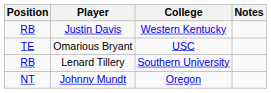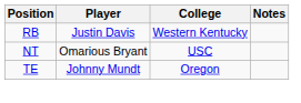 <table class="wikitable" style="text-align:center">
 <tr>
 <th>Position</th>
 <th>Player</th>
 <th>College</th>
 <th>Notes</th>
 </tr>
 <tr>
 <td><a href='#'>RB</a></td>
 <td><a href='#'>Justin Davis</a></td>
 <td><a href='#'>Western Kentucky</a></td>
 <td></td>
 </tr>
 <tr>
-<td><a href='#'>TE</a></td>
+<td><a href='#'>NT</a></td>
 <td>Omarious Bryant</td>
 <td><a href='#'>USC</a></td>
 <td></td>
 </tr>
 <tr>
-<td><a href='#'>RB</a></td>
-<td>Lenard Tillery</td>
-<td><a href='#'>Southern University</a></td>
-<td></td>
-</tr>
-<tr>
-<td><a href='#'>NT</a></td>
+<td><a href='#'>TE</a></td>
 <td><a href='#'>Johnny Mundt</a></td>
 <td><a href='#'>Oregon</a></td>
 <td></td>
 </tr>
 </table>
